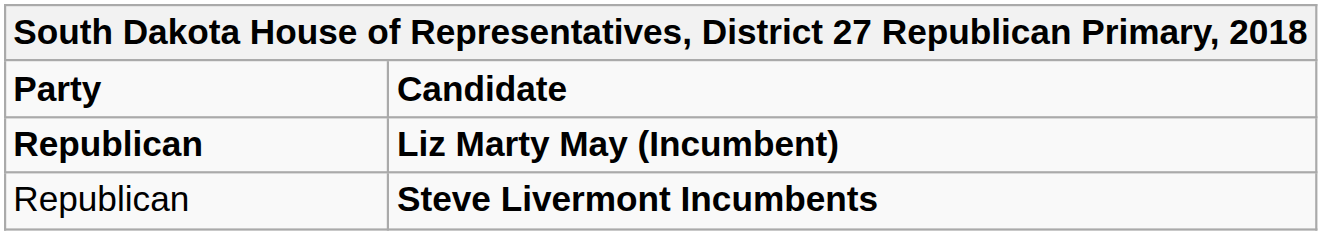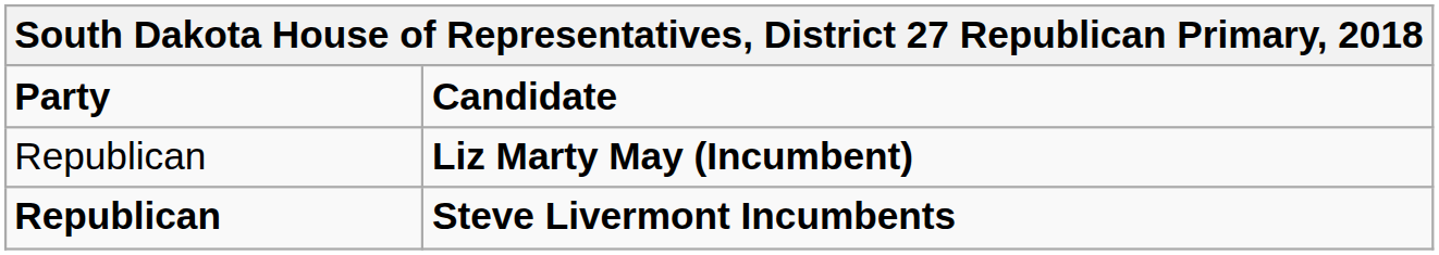 <table class="wikitable">
 <tr>
 <th colspan="5">South Dakota House of Representatives, District 27 Republican Primary, 2018</th>
 </tr>
 <tr>
 <td><strong>Party</strong></td>
 <td><strong>Candidate</strong></td>
 </tr>
 <tr>
-<td><strong>Republican</strong></td>
+<td>Republican</td>
 <td><strong>Liz Marty May (Incumbent)</strong></td>
 </tr>
 <tr>
-<td>Republican</td>
+<td><strong>Republican</strong></td>
 <td><strong>Steve Livermont Incumbents</strong></td>
 </tr>
 </table>
